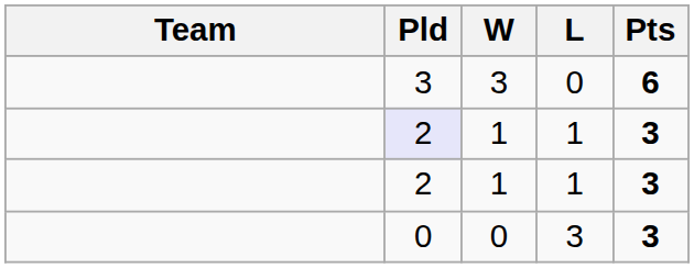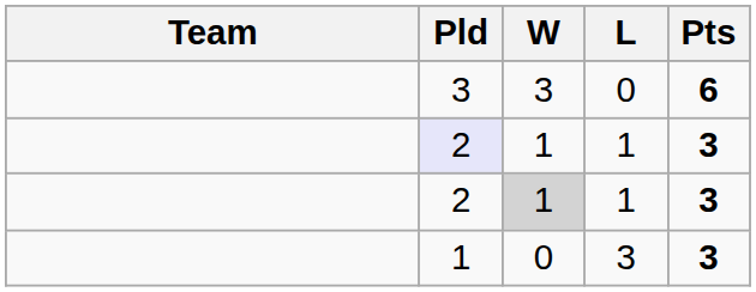 <table class=wikitable style="text-align:center">
 <tr>
 <th width=180>Team</th>
 <th width=30>Pld</th>
 <th width=30>W</th>
 <th width=30>L</th>
 <th width=30>Pts</th>
 </tr>
 <tr>
 <td align="left"></td>
 <td>3</td>
 <td>3</td>
 <td>0</td>
 <td><strong>6</strong></td>
 </tr>
 <tr>
 <td align="left"></td>
 <td style="background: lavender;">2</td>
 <td>1</td>
 <td>1</td>
 <td><strong>3</strong></td>
 </tr>
 <tr>
 <td align="left"></td>
 <td>2</td>
-<td>1</td>
+<td style="background: lightgrey;">1</td>
 <td>1</td>
 <td><strong>3</strong></td>
 </tr>
 <tr>
 <td align="left"></td>
-<td>0</td>
+<td>1</td>
 <td>0</td>
 <td>3</td>
 <td><strong>3</strong></td>
 </tr>
 </table>
